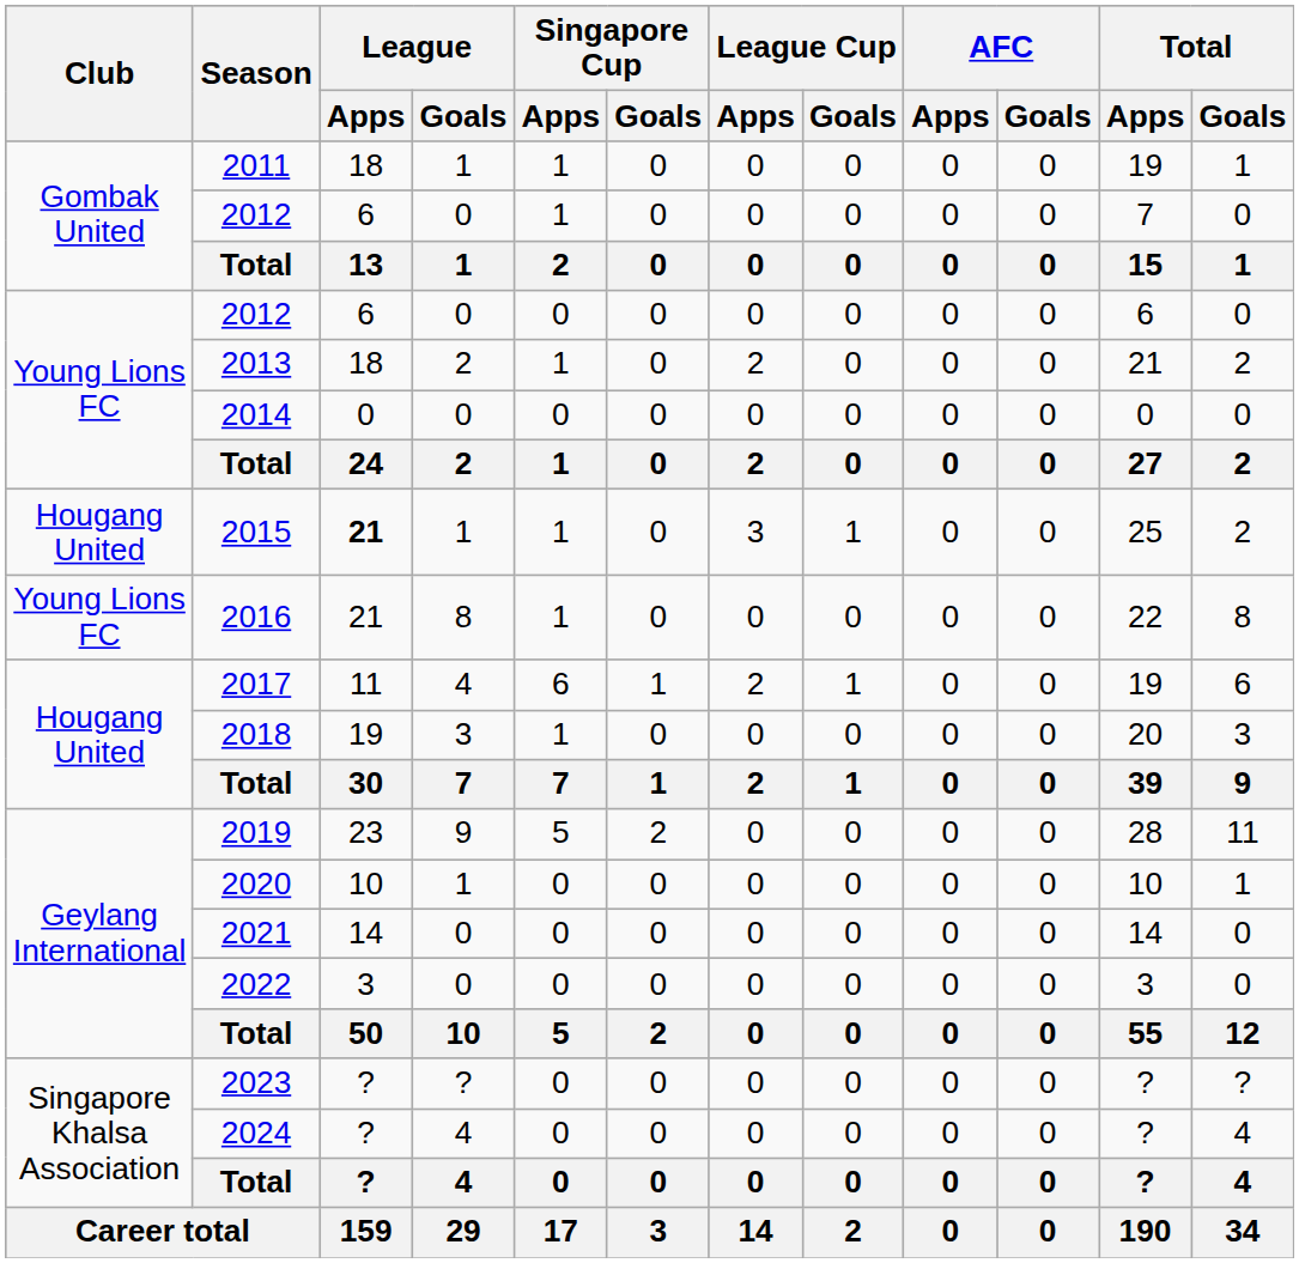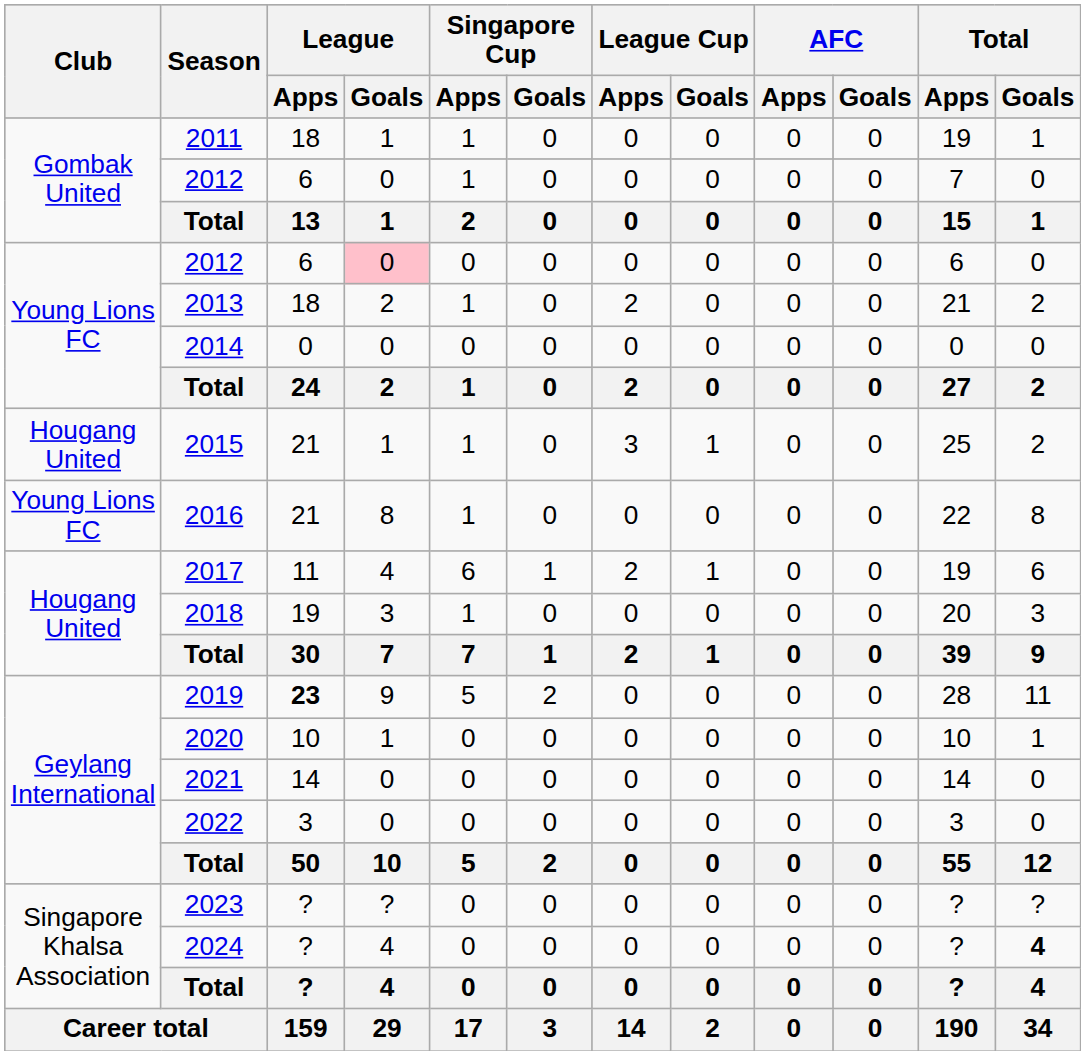 <table class="wikitable" style="font-size:100%; text-align:center;">
 <tr>
 <th rowspan="2">Club</th>
 <th rowspan="2">Season</th>
 <th colspan="2">League</th>
 <th colspan="2">Singapore Cup</th>
 <th colspan="2">League Cup</th>
 <th colspan="2"><a href='#'>AFC</a></th>
 <th colspan="2">Total</th>
 </tr>
 <tr>
 <th>Apps</th>
 <th>Goals</th>
 <th>Apps</th>
 <th>Goals</th>
 <th>Apps</th>
 <th>Goals</th>
 <th>Apps</th>
 <th>Goals</th>
 <th>Apps</th>
 <th>Goals</th>
 </tr>
 <tr>
 <td rowspan="3"><a href='#'>Gombak United</a></td>
 <td><a href='#'>2011</a></td>
 <td>18</td>
 <td>1</td>
 <td>1</td>
 <td>0</td>
 <td>0</td>
 <td>0</td>
 <td>0</td>
 <td>0</td>
 <td>19</td>
 <td>1</td>
 </tr>
 <tr>
 <td><a href='#'>2012</a></td>
 <td>6</td>
 <td>0</td>
 <td>1</td>
 <td>0</td>
 <td>0</td>
 <td>0</td>
 <td>0</td>
 <td>0</td>
 <td>7</td>
 <td>0</td>
 </tr>
 <tr>
 <th>Total</th>
 <th>13</th>
 <th>1</th>
 <th>2</th>
 <th>0</th>
 <th>0</th>
 <th>0</th>
 <th>0</th>
 <th>0</th>
 <th>15</th>
 <th>1</th>
 </tr>
 <tr>
 <td rowspan="4"><a href='#'>Young Lions FC</a></td>
 <td><a href='#'>2012</a></td>
 <td>6</td>
-<td>0</td>
+<td style="background: pink;">0</td>
 <td>0</td>
 <td>0</td>
 <td>0</td>
 <td>0</td>
 <td>0</td>
 <td>0</td>
 <td>6</td>
 <td>0</td>
 </tr>
 <tr>
 <td><a href='#'>2013</a></td>
 <td>18</td>
 <td>2</td>
 <td>1</td>
 <td>0</td>
 <td>2</td>
 <td>0</td>
 <td>0</td>
 <td>0</td>
 <td>21</td>
 <td>2</td>
 </tr>
 <tr>
 <td><a href='#'>2014</a></td>
 <td>0</td>
 <td>0</td>
 <td>0</td>
 <td>0</td>
 <td>0</td>
 <td>0</td>
 <td>0</td>
 <td>0</td>
 <td>0</td>
 <td>0</td>
 </tr>
 <tr>
 <th>Total</th>
 <th>24</th>
 <th>2</th>
 <th>1</th>
 <th>0</th>
 <th>2</th>
 <th>0</th>
 <th>0</th>
 <th>0</th>
 <th>27</th>
 <th>2</th>
 </tr>
 <tr>
 <td><a href='#'>Hougang United</a></td>
 <td><a href='#'>2015</a></td>
-<td><strong>21</strong></td>
+<td>21</td>
 <td>1</td>
 <td>1</td>
 <td>0</td>
 <td>3</td>
 <td>1</td>
 <td>0</td>
 <td>0</td>
 <td>25</td>
 <td>2</td>
 </tr>
 <tr>
 <td><a href='#'>Young Lions FC</a></td>
 <td><a href='#'>2016</a></td>
 <td>21</td>
 <td>8</td>
 <td>1</td>
 <td>0</td>
 <td>0</td>
 <td>0</td>
 <td>0</td>
 <td>0</td>
 <td>22</td>
 <td>8</td>
 </tr>
 <tr>
 <td rowspan="3"><a href='#'>Hougang United</a></td>
 <td><a href='#'>2017</a></td>
 <td>11</td>
 <td>4</td>
 <td>6</td>
 <td>1</td>
 <td>2</td>
 <td>1</td>
 <td>0</td>
 <td>0</td>
 <td>19</td>
 <td>6</td>
 </tr>
 <tr>
 <td><a href='#'>2018</a></td>
 <td>19</td>
 <td>3</td>
 <td>1</td>
 <td>0</td>
 <td>0</td>
 <td>0</td>
 <td>0</td>
 <td>0</td>
 <td>20</td>
 <td>3</td>
 </tr>
 <tr>
 <th>Total</th>
 <th>30</th>
 <th>7</th>
 <th>7</th>
 <th>1</th>
 <th>2</th>
 <th>1</th>
 <th>0</th>
 <th>0</th>
 <th>39</th>
 <th>9</th>
 </tr>
 <tr>
 <td rowspan="5"><a href='#'>Geylang International</a></td>
 <td><a href='#'>2019</a></td>
-<td>23</td>
+<td><strong>23</strong></td>
 <td>9</td>
 <td>5</td>
 <td>2</td>
 <td>0</td>
 <td>0</td>
 <td>0</td>
 <td>0</td>
 <td>28</td>
 <td>11</td>
 </tr>
 <tr>
 <td><a href='#'>2020</a></td>
 <td>10</td>
 <td>1</td>
 <td>0</td>
 <td>0</td>
 <td>0</td>
 <td>0</td>
 <td>0</td>
 <td>0</td>
 <td>10</td>
 <td>1</td>
 </tr>
 <tr>
 <td><a href='#'>2021</a></td>
 <td>14</td>
 <td>0</td>
 <td>0</td>
 <td>0</td>
 <td>0</td>
 <td>0</td>
 <td>0</td>
 <td>0</td>
 <td>14</td>
 <td>0</td>
 </tr>
 <tr>
 <td><a href='#'>2022</a></td>
 <td>3</td>
 <td>0</td>
 <td>0</td>
 <td>0</td>
 <td>0</td>
 <td>0</td>
 <td>0</td>
 <td>0</td>
 <td>3</td>
 <td>0</td>
 </tr>
 <tr>
 <th>Total</th>
 <th>50</th>
 <th>10</th>
 <th>5</th>
 <th>2</th>
 <th>0</th>
 <th>0</th>
 <th>0</th>
 <th>0</th>
 <th>55</th>
 <th>12</th>
 </tr>
 <tr>
 <td rowspan="3">Singapore Khalsa Association</td>
 <td><a href='#'>2023</a></td>
 <td>?</td>
 <td>?</td>
 <td>0</td>
 <td>0</td>
 <td>0</td>
 <td>0</td>
 <td>0</td>
 <td>0</td>
 <td>?</td>
 <td>?</td>
 </tr>
 <tr>
 <td><a href='#'>2024</a></td>
 <td>?</td>
 <td>4</td>
 <td>0</td>
 <td>0</td>
 <td>0</td>
 <td>0</td>
 <td>0</td>
 <td>0</td>
 <td>?</td>
-<td>4</td>
+<td><strong>4</strong></td>
 </tr>
 <tr>
 <th>Total</th>
 <th>?</th>
 <th>4</th>
 <th>0</th>
 <th>0</th>
 <th>0</th>
 <th>0</th>
 <th>0</th>
 <th>0</th>
 <th>?</th>
 <th>4</th>
 </tr>
 <tr>
 <th colspan="2">Career total</th>
 <th>159</th>
 <th>29</th>
 <th>17</th>
 <th>3</th>
 <th>14</th>
 <th>2</th>
 <th>0</th>
 <th>0</th>
 <th>190</th>
 <th>34</th>
 </tr>
 </table>
